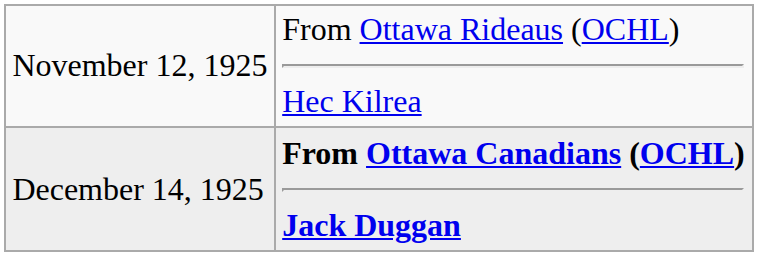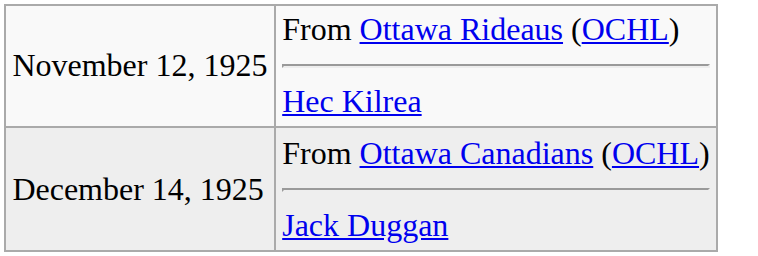 <table class="wikitable">
 <tr>
 <td>November 12, 1925</td>
 <td valign="top">From <a href='#'>Ottawa Rideaus</a> (<a href='#'>OCHL</a>)<hr><a href='#'>Hec Kilrea</a></td>
 </tr>
 <tr style="background:#eee;">
 <td>December 14, 1925</td>
-<td valign="top"><strong>From <a href='#'>Ottawa Canadians</a> (<a href='#'>OCHL</a>)<hr><a href='#'>Jack Duggan</a></strong></td>
+<td valign="top">From <a href='#'>Ottawa Canadians</a> (<a href='#'>OCHL</a>)<hr><a href='#'>Jack Duggan</a></td>
 </tr>
 </table>
